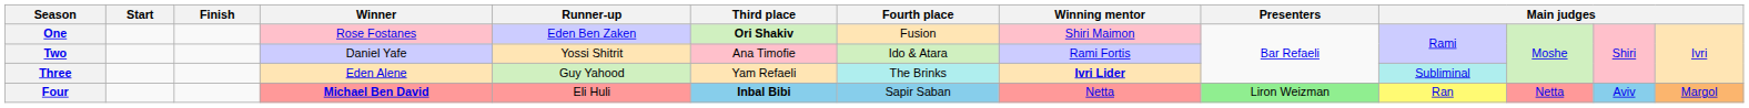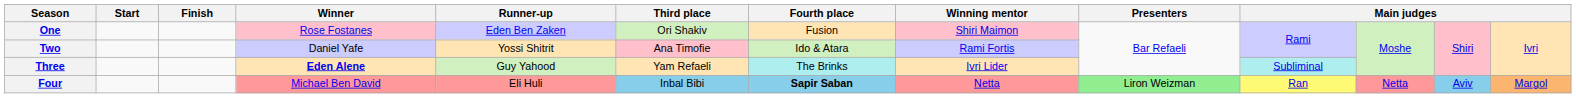 <table class="wikitable" style="text-align:center; font-size:85%; line-height:16px;" width="100%">
 <tr>
 <th scope="col">Season</th>
 <th scope="col">Start</th>
 <th scope="col">Finish</th>
 <th scope="col">Winner</th>
 <th scope="col">Runner-up</th>
 <th scope="col">Third place</th>
 <th scope="col">Fourth place</th>
 <th scope="col">Winning mentor</th>
 <th scope="col">Presenters</th>
 <th colspan="5" scope="col">Main judges</th>
 </tr>
 <tr>
 <th scope="row"><a href='#'>One</a></th>
 <td></td>
 <td></td>
 <td style="background:pink;"><a href='#'>Rose Fostanes</a></td>
 <td style="background:#ccf;"><a href='#'>Eden Ben Zaken</a></td>
-<td style="background:#d0f0c0;"><strong>Ori Shakiv</strong></td>
+<td style="background:#d0f0c0;">Ori Shakiv</td>
 <td style="background:#ffe5b4;">Fusion</td>
 <td style="background:pink;"><a href='#'>Shiri Maimon</a></td>
 <td rowspan="3"><a href='#'>Bar Refaeli</a></td>
 <td colspan="2" rowspan="2" style="background:#ccf"><a href='#'>Rami</a></td>
 <td rowspan="3" style="background:#d0f0c0"><a href='#'>Moshe</a></td>
 <td rowspan="3" style="background:pink"><a href='#'>Shiri</a></td>
 <td rowspan="3" style="background:#ffe5b4"><a href='#'>Ivri</a></td>
 </tr>
 <tr>
 <th scope="row"><a href='#'>Two</a></th>
 <td></td>
 <td></td>
 <td style="background:#ccf;">Daniel Yafe</td>
 <td style="background:#ffe5b4;">Yossi Shitrit</td>
 <td style="background:pink;">Ana Timofie</td>
 <td style="background:#d0f0c0;">Ido & Atara</td>
 <td style="background:#ccf;"><a href='#'>Rami Fortis</a></td>
 </tr>
 <tr>
 <th scope="row"><a href='#'>Three</a></th>
 <td></td>
 <td></td>
-<td style="background:#Ffe5b4;"><a href='#'>Eden Alene</a></td>
+<td style="background:#Ffe5b4;"><strong><a href='#'>Eden Alene</a></strong></td>
 <td style="background:#D0f0c0;">Guy Yahood</td>
 <td style="background:#Ffe5b4;">Yam Refaeli</td>
 <td style="background:#afeeee;">The Brinks</td>
-<td style="background:#Ffe5b4;"><strong><a href='#'>Ivri Lider</a></strong></td>
+<td style="background:#Ffe5b4;"><a href='#'>Ivri Lider</a></td>
 <td colspan="2" rowspan="1" style="background:#afeeee"><a href='#'>Subliminal</a></td>
 </tr>
 <tr>
 <th scope"row"><a href='#'>Four</a></th>
 <td></td>
 <td></td>
-<td rowspan="1" style="background:#ff9999;"><strong><a href='#'>Michael Ben David</a></strong></td>
+<td rowspan="1" style="background:#ff9999;"><a href='#'>Michael Ben David</a></td>
 <td rowspan="1" style="background:#ff9999;">Eli Huli</td>
-<td rowspan="1" style="background:#87ceeb;"><strong>Inbal Bibi</strong></td>
-<td rowspan="1" style="background:#87ceeb;">Sapir Saban</td>
+<td rowspan="1" style="background:#87ceeb;">Inbal Bibi</td>
+<td rowspan="1" style="background:#87ceeb;"><strong>Sapir Saban</strong></td>
 <td rowspan="1" style="background:#ff9999;"><a href='#'>Netta</a></td>
 <td rowspan="1" style="background: lightgreen;">Liron Weizman</td>
 <td colspan="2" rowspan="1" style="background:#fffa73;"><a href='#'>Ran</a></td>
 <td rowspan="1" style="background:#ff9999;"><a href='#'>Netta</a></td>
 <td rowspan="1" style="background:#87ceeb;"><a href='#'>Aviv</a></td>
 <td rowspan="1" style="background:#fbb56e;"> <a href='#'>Margol</a></td>
 </tr>
 </table>
